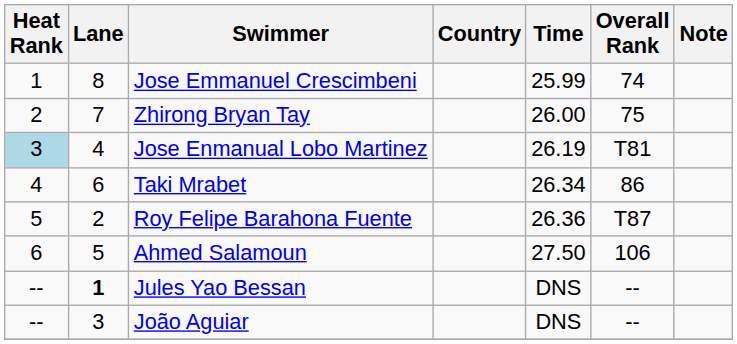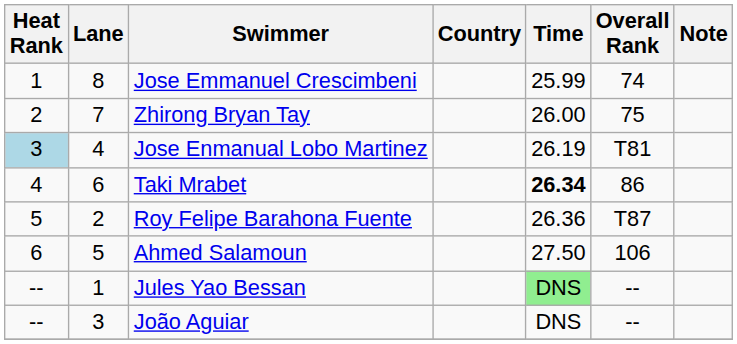 <table class="wikitable" style="text-align:center">
 <tr>
 <th>Heat <br>Rank</th>
 <th>Lane</th>
 <th>Swimmer</th>
 <th>Country</th>
 <th>Time</th>
 <th>Overall<br>Rank</th>
 <th>Note</th>
 </tr>
 <tr>
 <td>1</td>
 <td>8</td>
 <td align=left><a href='#'>Jose Emmanuel Crescimbeni</a></td>
 <td align=left></td>
 <td>25.99</td>
 <td>74</td>
 <td></td>
 </tr>
 <tr>
 <td>2</td>
 <td>7</td>
 <td align=left><a href='#'>Zhirong Bryan Tay</a></td>
 <td align=left></td>
 <td>26.00</td>
 <td>75</td>
 <td></td>
 </tr>
 <tr>
 <td style="background: lightblue;">3</td>
 <td>4</td>
 <td align=left><a href='#'>Jose Enmanual Lobo Martinez</a></td>
 <td align=left></td>
 <td>26.19</td>
 <td>T81</td>
 <td></td>
 </tr>
 <tr>
 <td>4</td>
 <td>6</td>
 <td align=left><a href='#'>Taki Mrabet</a></td>
 <td align=left></td>
-<td>26.34</td>
+<td><strong>26.34</strong></td>
 <td>86</td>
 <td></td>
 </tr>
 <tr>
 <td>5</td>
 <td>2</td>
 <td align=left><a href='#'>Roy Felipe Barahona Fuente</a></td>
 <td align=left></td>
 <td>26.36</td>
 <td>T87</td>
 <td></td>
 </tr>
 <tr>
 <td>6</td>
 <td>5</td>
 <td align=left><a href='#'>Ahmed Salamoun</a></td>
 <td align=left></td>
 <td>27.50</td>
 <td>106</td>
 <td></td>
 </tr>
 <tr>
 <td>--</td>
-<td><strong>1</strong></td>
+<td>1</td>
 <td align=left><a href='#'>Jules Yao Bessan</a></td>
 <td align=left></td>
-<td>DNS</td>
+<td style="background: lightgreen;">DNS</td>
 <td>--</td>
 <td></td>
 </tr>
 <tr>
 <td>--</td>
 <td>3</td>
 <td align=left><a href='#'>João Aguiar</a></td>
 <td align=left></td>
 <td>DNS</td>
 <td>--</td>
 <td></td>
 </tr>
 <tr>
 </tr>
 </table>
